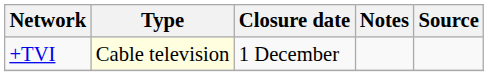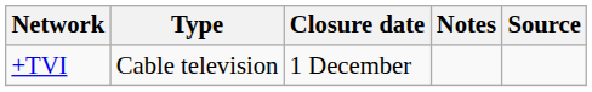 <table class="wikitable sortable">
 <tr>
 <th>Network</th>
 <th>Type</th>
 <th>Closure date</th>
 <th>Notes</th>
 <th>Source</th>
 </tr>
 <tr>
 <td><a href='#'>+TVI</a></td>
-<td style="background: lightyellow;">Cable television</td>
+<td>Cable television</td>
 <td>1 December</td>
 <td></td>
 <td></td>
 </tr>
 <tr>
 </tr>
 </table>
